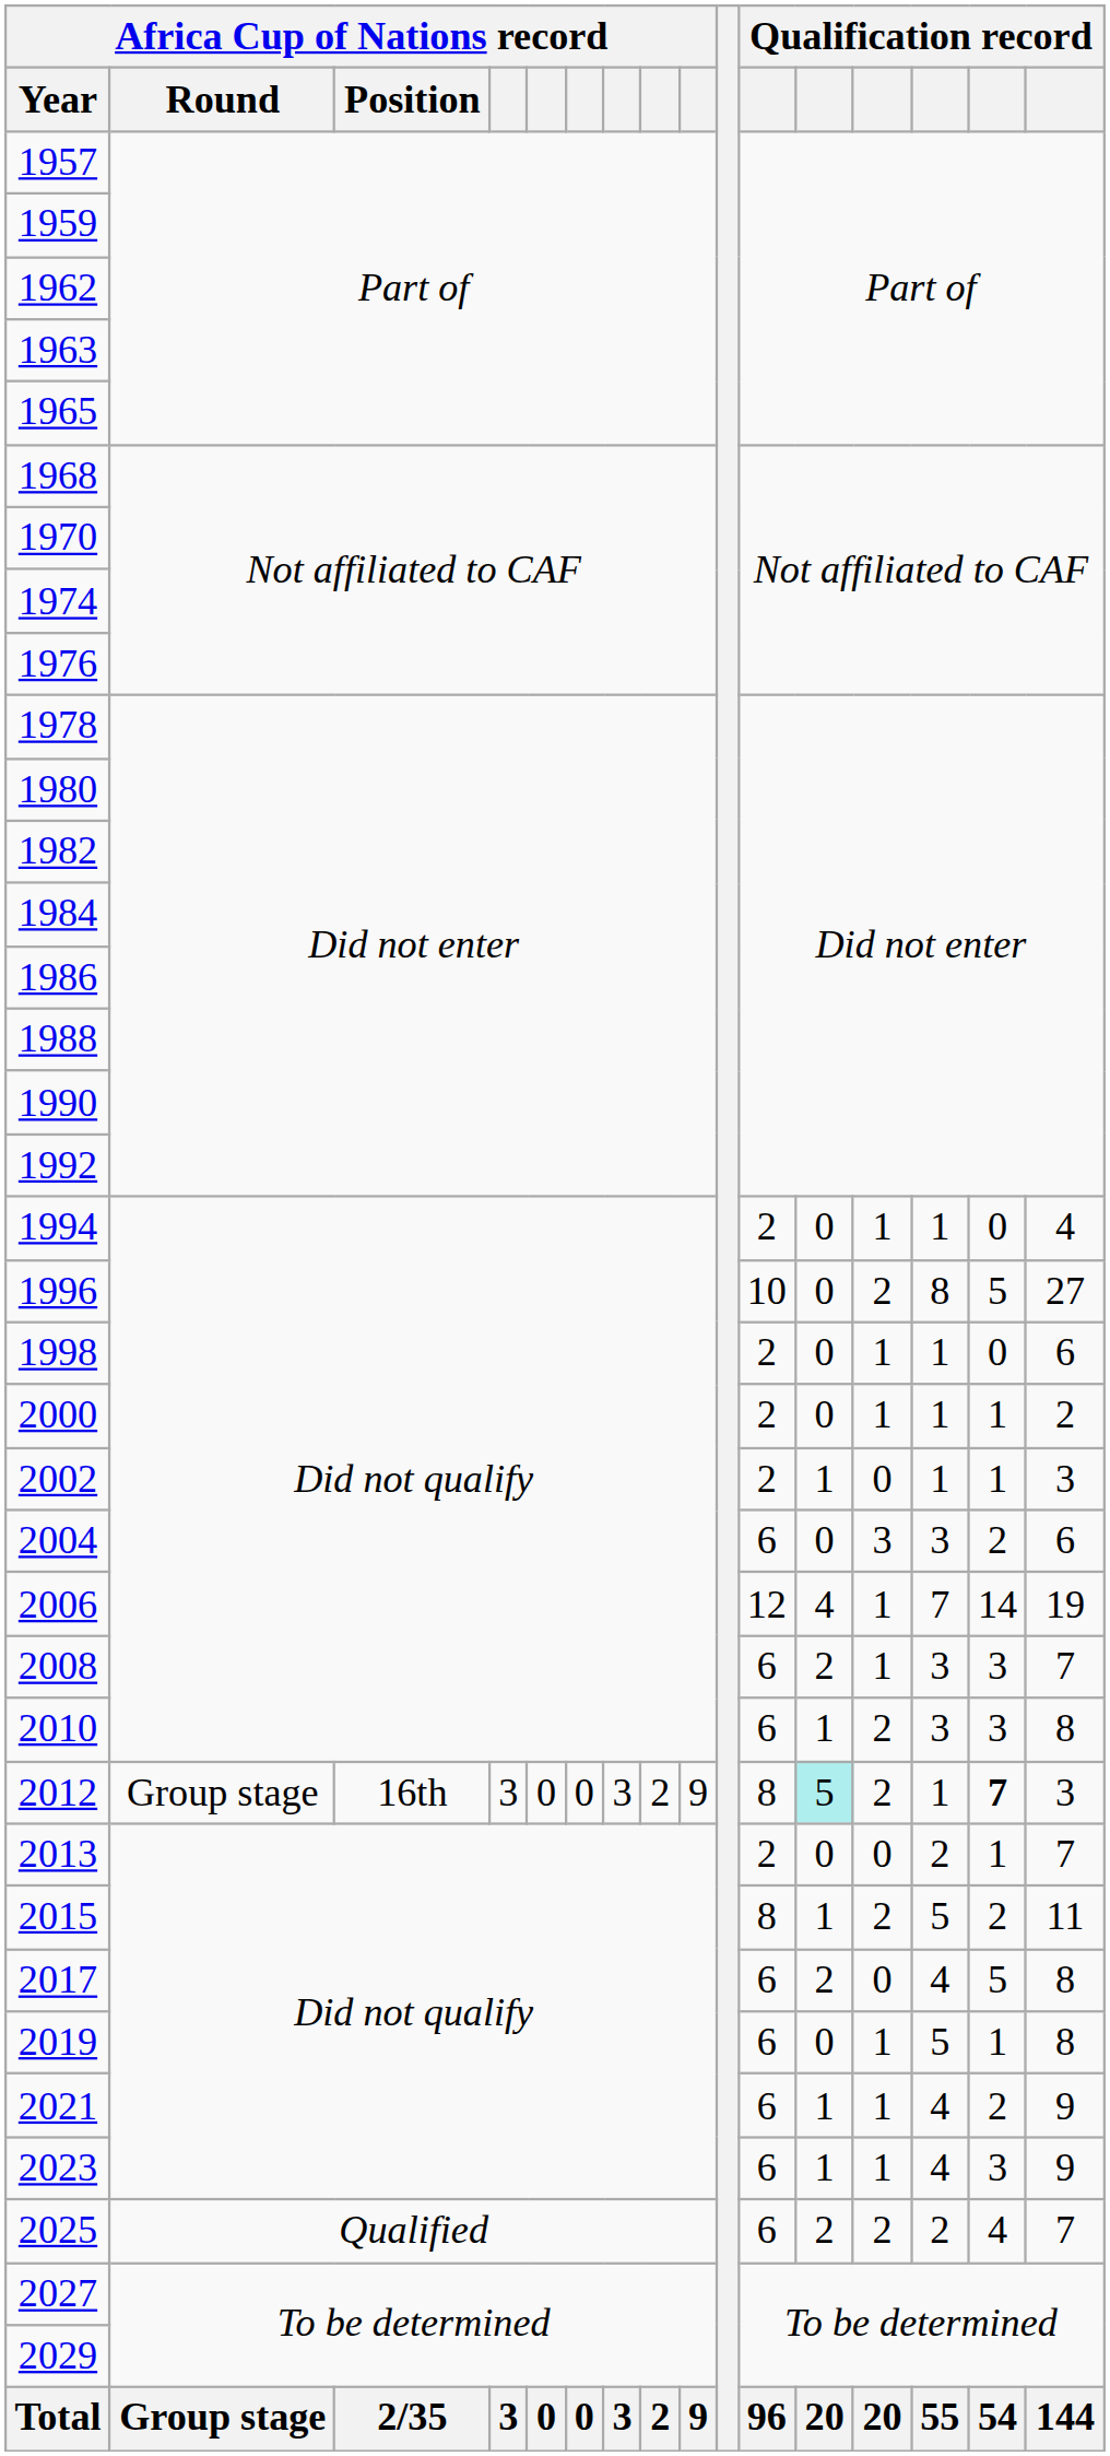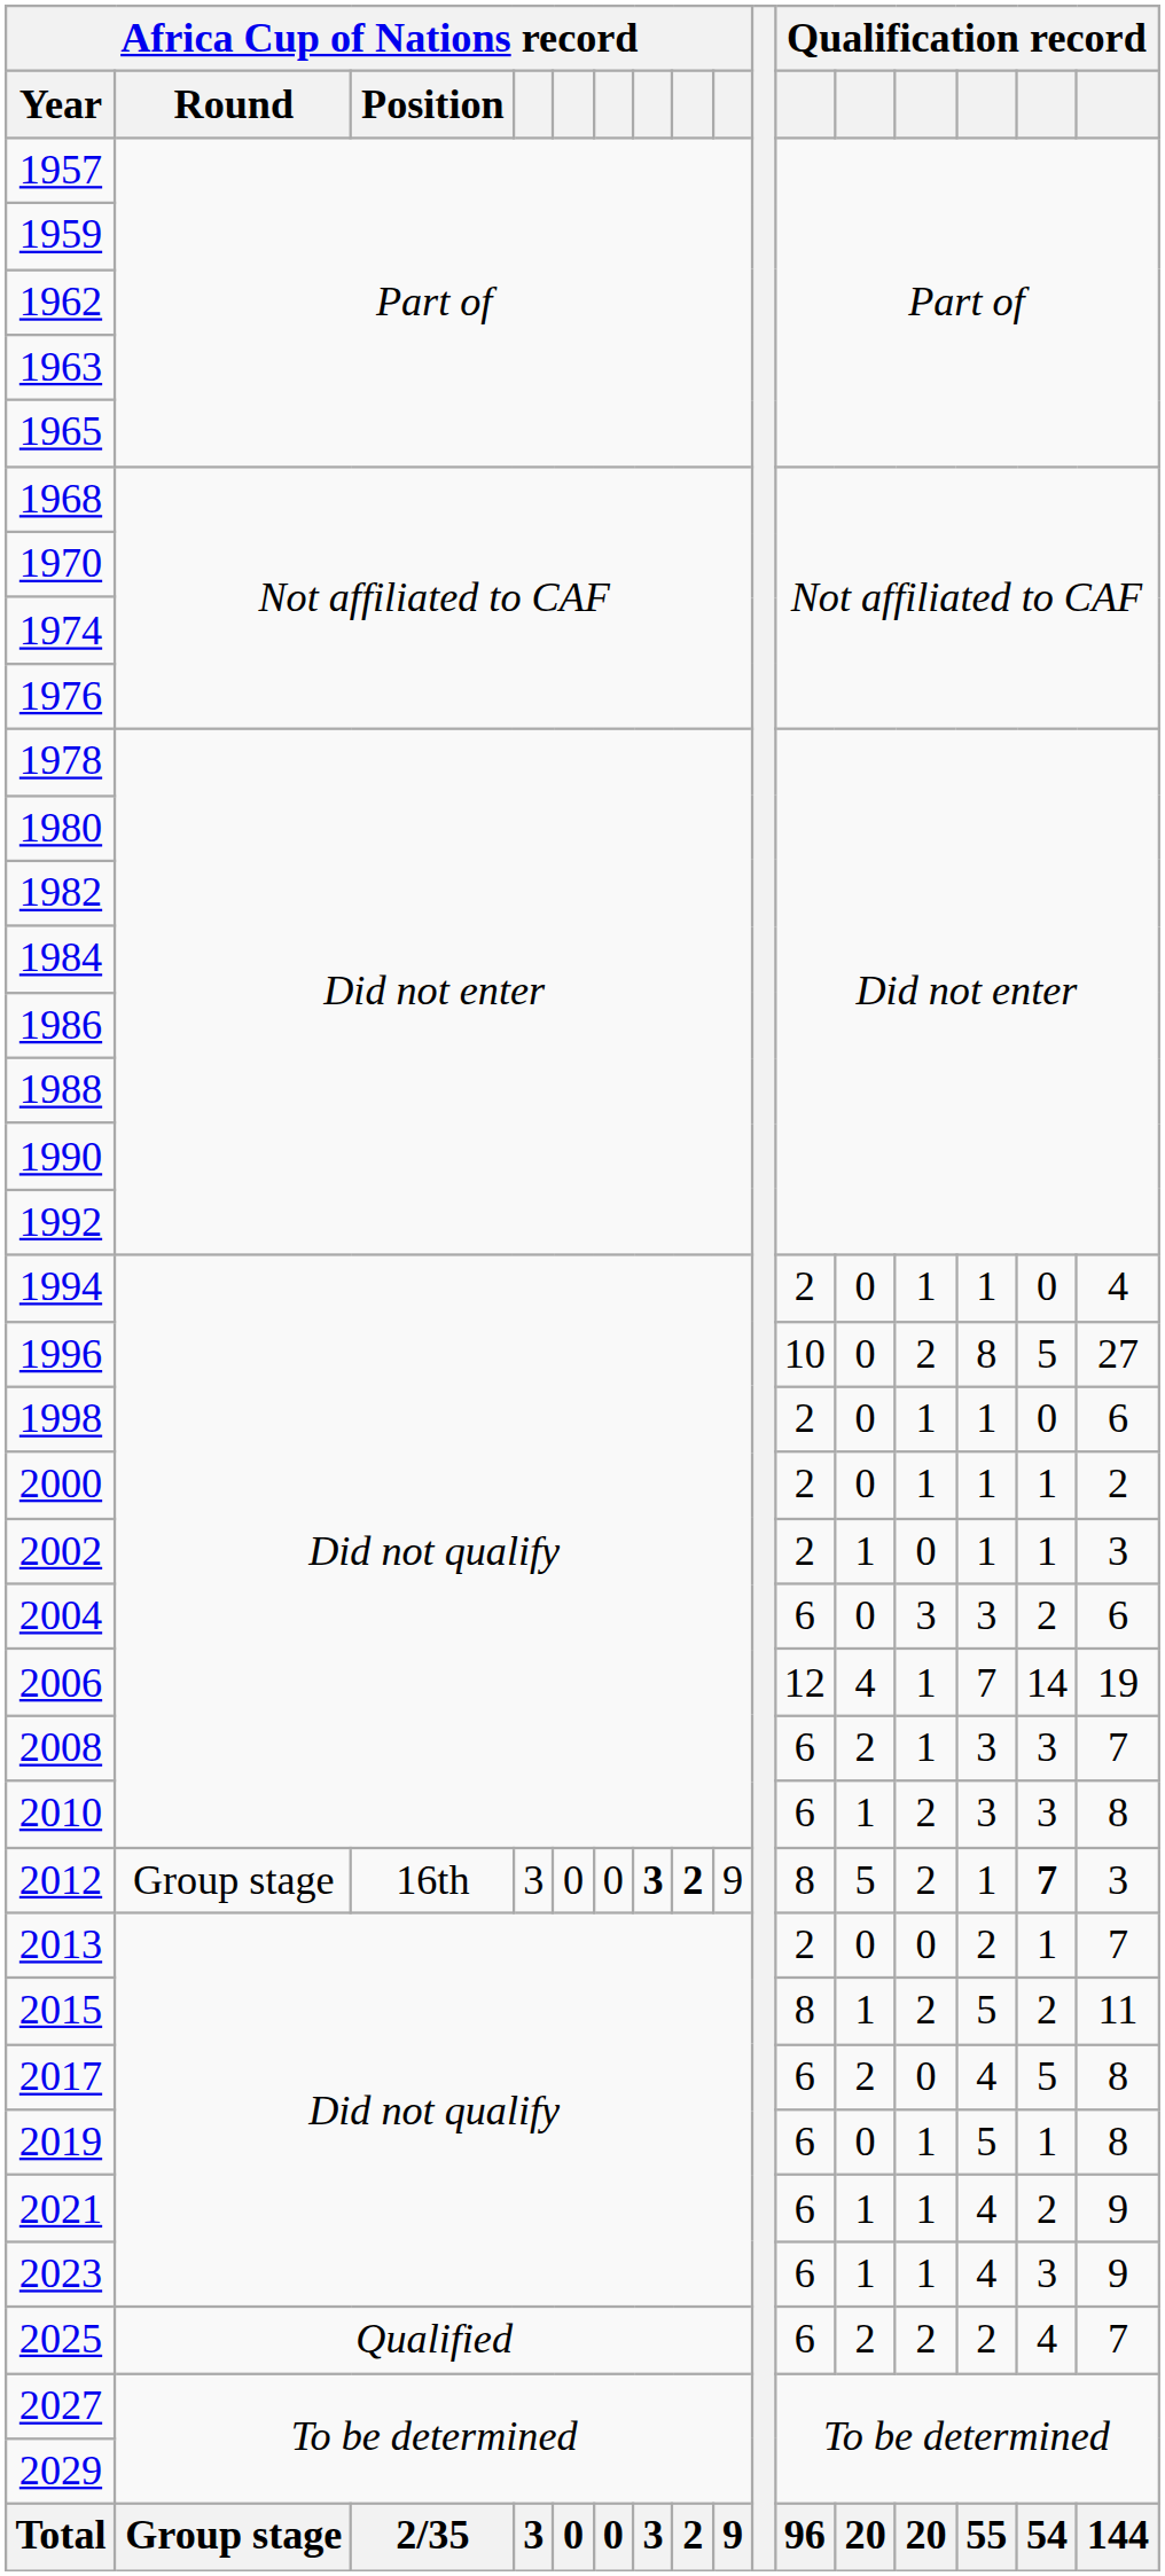 <table class="wikitable" style="text-align: center;">
 <tr>
 <th colspan=9><a href='#'>Africa Cup of Nations</a> record</th>
 <th rowspan="40" width="1"></th>
 <th colspan=6>Qualification record</th>
 </tr>
 <tr>
 <th>Year</th>
 <th>Round</th>
 <th>Position</th>
 <th></th>
 <th></th>
 <th></th>
 <th></th>
 <th></th>
 <th></th>
 <th></th>
 <th></th>
 <th></th>
 <th></th>
 <th></th>
 <th></th>
 </tr>
 <tr>
 <td> <a href='#'>1957</a></td>
 <td colspan=8 rowspan=5><em>Part of </em></td>
 <td colspan=8 rowspan=5><em>Part of </em></td>
 </tr>
 <tr>
 <td> <a href='#'>1959</a></td>
 </tr>
 <tr>
 <td> <a href='#'>1962</a></td>
 </tr>
 <tr>
 <td> <a href='#'>1963</a></td>
 </tr>
 <tr>
 <td> <a href='#'>1965</a></td>
 </tr>
 <tr>
 <td> <a href='#'>1968</a></td>
 <td colspan=8 rowspan=4><em>Not affiliated to CAF</em></td>
 <td colspan=8 rowspan=4><em>Not affiliated to CAF</em></td>
 </tr>
 <tr>
 <td> <a href='#'>1970</a></td>
 </tr>
 <tr>
 <td> <a href='#'>1974</a></td>
 </tr>
 <tr>
 <td> <a href='#'>1976</a></td>
 </tr>
 <tr>
 <td> <a href='#'>1978</a></td>
 <td colspan=8 rowspan=8><em>Did not enter</em></td>
 <td colspan=8 rowspan=8><em>Did not enter</em></td>
 </tr>
 <tr>
 <td> <a href='#'>1980</a></td>
 </tr>
 <tr>
 <td> <a href='#'>1982</a></td>
 </tr>
 <tr>
 <td> <a href='#'>1984</a></td>
 </tr>
 <tr>
 <td> <a href='#'>1986</a></td>
 </tr>
 <tr>
 <td> <a href='#'>1988</a></td>
 </tr>
 <tr>
 <td> <a href='#'>1990</a></td>
 </tr>
 <tr>
 <td> <a href='#'>1992</a></td>
 </tr>
 <tr>
 <td> <a href='#'>1994</a></td>
 <td colspan=8 rowspan=9><em>Did not qualify</em></td>
 <td>2</td>
 <td>0</td>
 <td>1</td>
 <td>1</td>
 <td>0</td>
 <td>4</td>
 </tr>
 <tr>
 <td> <a href='#'>1996</a></td>
 <td>10</td>
 <td>0</td>
 <td>2</td>
 <td>8</td>
 <td>5</td>
 <td>27</td>
 </tr>
 <tr>
 <td> <a href='#'>1998</a></td>
 <td>2</td>
 <td>0</td>
 <td>1</td>
 <td>1</td>
 <td>0</td>
 <td>6</td>
 </tr>
 <tr>
 <td>  <a href='#'>2000</a></td>
 <td>2</td>
 <td>0</td>
 <td>1</td>
 <td>1</td>
 <td>1</td>
 <td>2</td>
 </tr>
 <tr>
 <td> <a href='#'>2002</a></td>
 <td>2</td>
 <td>1</td>
 <td>0</td>
 <td>1</td>
 <td>1</td>
 <td>3</td>
 </tr>
 <tr>
 <td> <a href='#'>2004</a></td>
 <td>6</td>
 <td>0</td>
 <td>3</td>
 <td>3</td>
 <td>2</td>
 <td>6</td>
 </tr>
 <tr>
 <td> <a href='#'>2006</a></td>
 <td>12</td>
 <td>4</td>
 <td>1</td>
 <td>7</td>
 <td>14</td>
 <td>19</td>
 </tr>
 <tr>
 <td> <a href='#'>2008</a></td>
 <td>6</td>
 <td>2</td>
 <td>1</td>
 <td>3</td>
 <td>3</td>
 <td>7</td>
 </tr>
 <tr>
 <td> <a href='#'>2010</a></td>
 <td>6</td>
 <td>1</td>
 <td>2</td>
 <td>3</td>
 <td>3</td>
 <td>8</td>
 </tr>
 <tr>
 <td>  <a href='#'>2012</a></td>
 <td>Group stage</td>
 <td>16th</td>
 <td>3</td>
 <td>0</td>
 <td>0</td>
-<td>3</td>
-<td>2</td>
+<td><strong>3</strong></td>
+<td><strong>2</strong></td>
 <td>9</td>
 <td>8</td>
-<td style="background: paleturquoise;">5</td>
+<td>5</td>
 <td>2</td>
 <td>1</td>
 <td><strong>7</strong></td>
 <td>3</td>
 </tr>
 <tr>
 <td> <a href='#'>2013</a></td>
 <td colspan=8 rowspan=6><em>Did not qualify</em></td>
 <td>2</td>
 <td>0</td>
 <td>0</td>
 <td>2</td>
 <td>1</td>
 <td>7</td>
 </tr>
 <tr>
 <td> <a href='#'>2015</a></td>
 <td>8</td>
 <td>1</td>
 <td>2</td>
 <td>5</td>
 <td>2</td>
 <td>11</td>
 </tr>
 <tr>
 <td> <a href='#'>2017</a></td>
 <td>6</td>
 <td>2</td>
 <td>0</td>
 <td>4</td>
 <td>5</td>
 <td>8</td>
 </tr>
 <tr>
 <td> <a href='#'>2019</a></td>
 <td>6</td>
 <td>0</td>
 <td>1</td>
 <td>5</td>
 <td>1</td>
 <td>8</td>
 </tr>
 <tr>
 <td> <a href='#'>2021</a></td>
 <td>6</td>
 <td>1</td>
 <td>1</td>
 <td>4</td>
 <td>2</td>
 <td>9</td>
 </tr>
 <tr>
 <td> <a href='#'>2023</a></td>
 <td>6</td>
 <td>1</td>
 <td>1</td>
 <td>4</td>
 <td>3</td>
 <td>9</td>
 </tr>
 <tr>
 <td> <a href='#'>2025</a></td>
 <td colspan="8" rowspan="1"><em>Qualified</em></td>
 <td>6</td>
 <td>2</td>
 <td>2</td>
 <td>2</td>
 <td>4</td>
 <td>7</td>
 </tr>
 <tr>
 <td>   <a href='#'>2027</a></td>
 <td colspan="8" rowspan="2"><em>To be determined</em></td>
 <td colspan="6" rowspan="2"><em>To be determined</em></td>
 </tr>
 <tr>
 <td> <a href='#'>2029</a></td>
 </tr>
 <tr>
 <th>Total</th>
 <th>Group stage</th>
 <th>2/35</th>
 <th>3</th>
 <th>0</th>
 <th>0</th>
 <th>3</th>
 <th>2</th>
 <th>9</th>
 <th>96</th>
 <th>20</th>
 <th>20</th>
 <th>55</th>
 <th>54</th>
 <th>144</th>
 </tr>
 </table>
